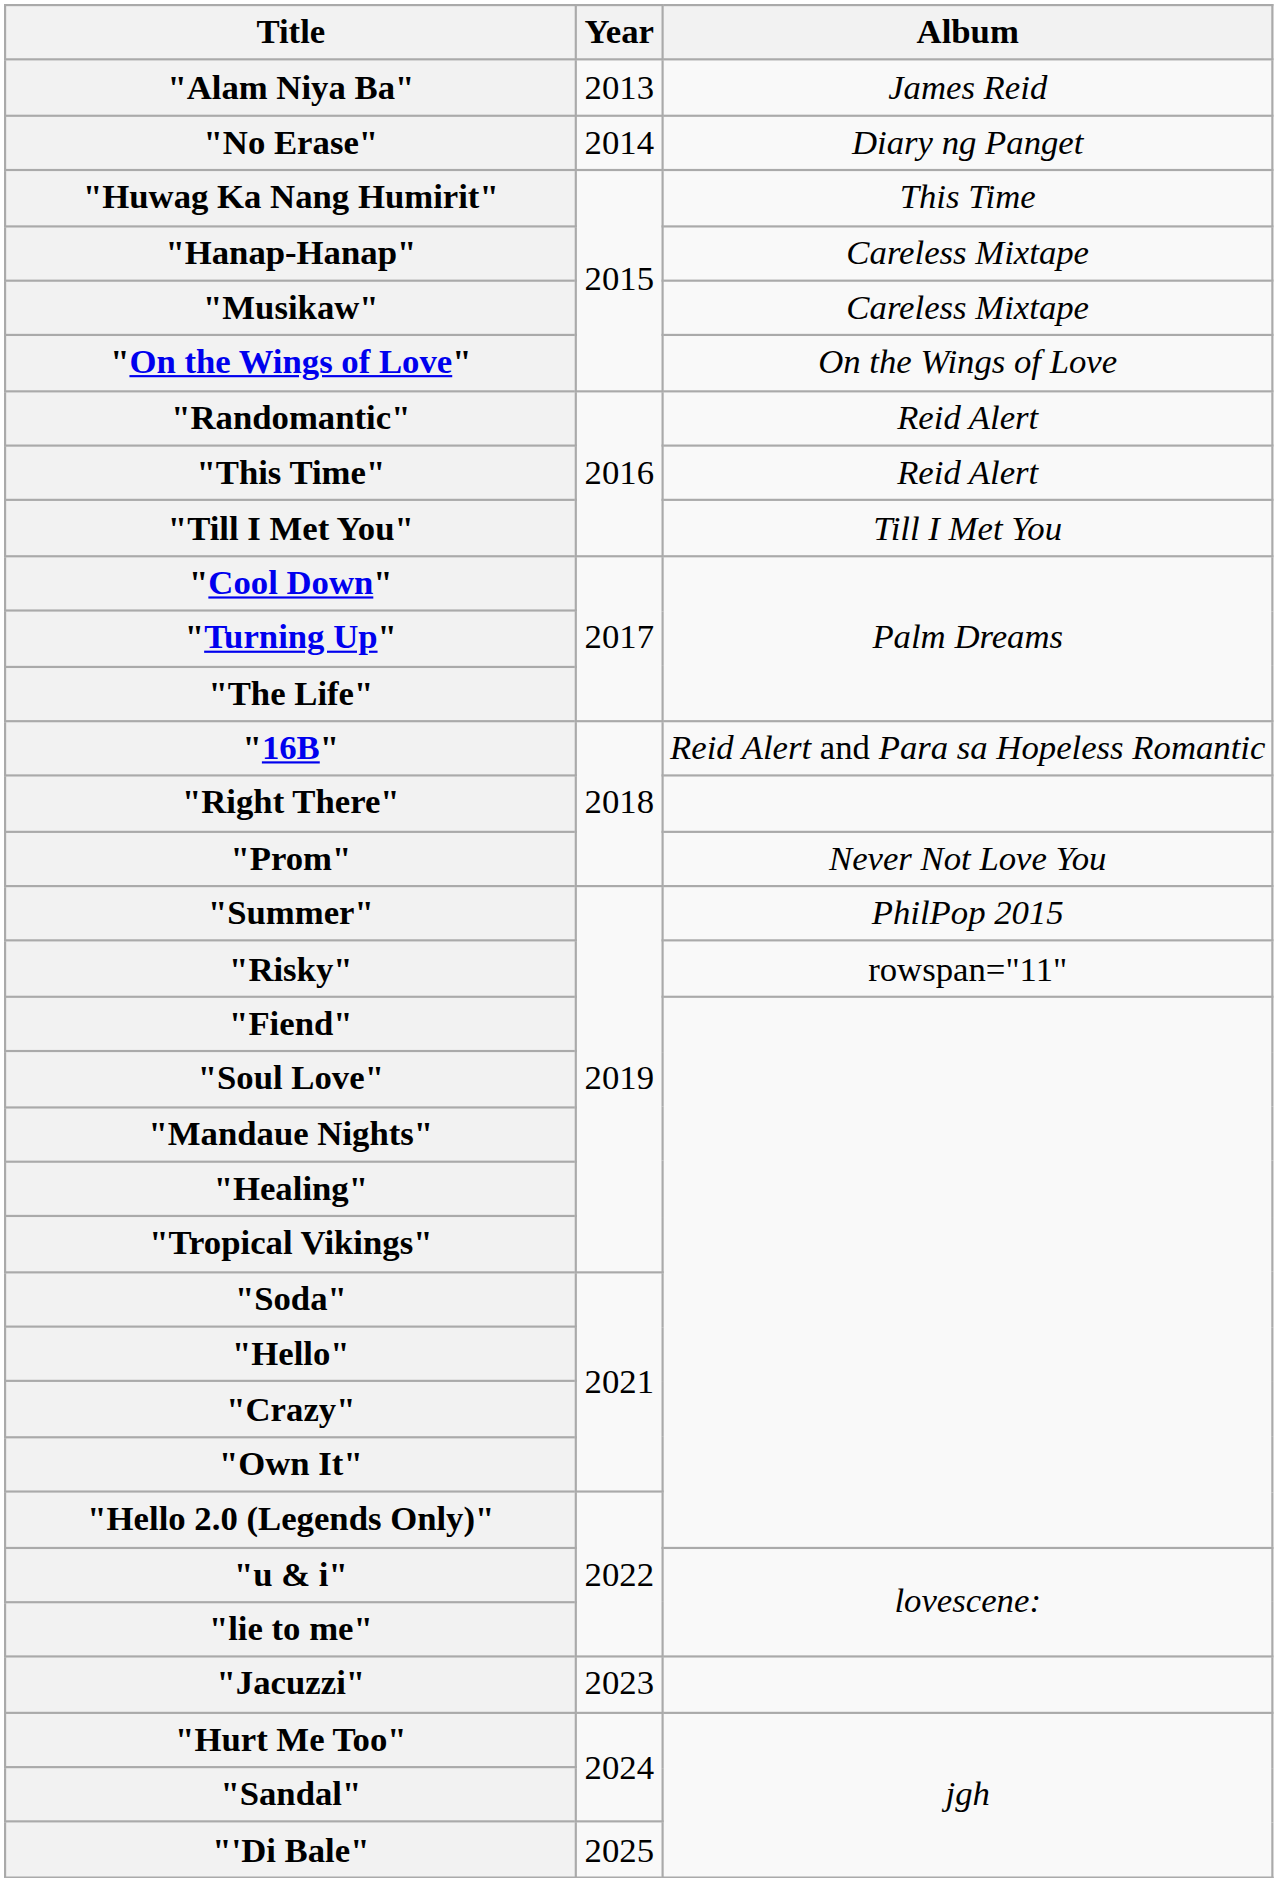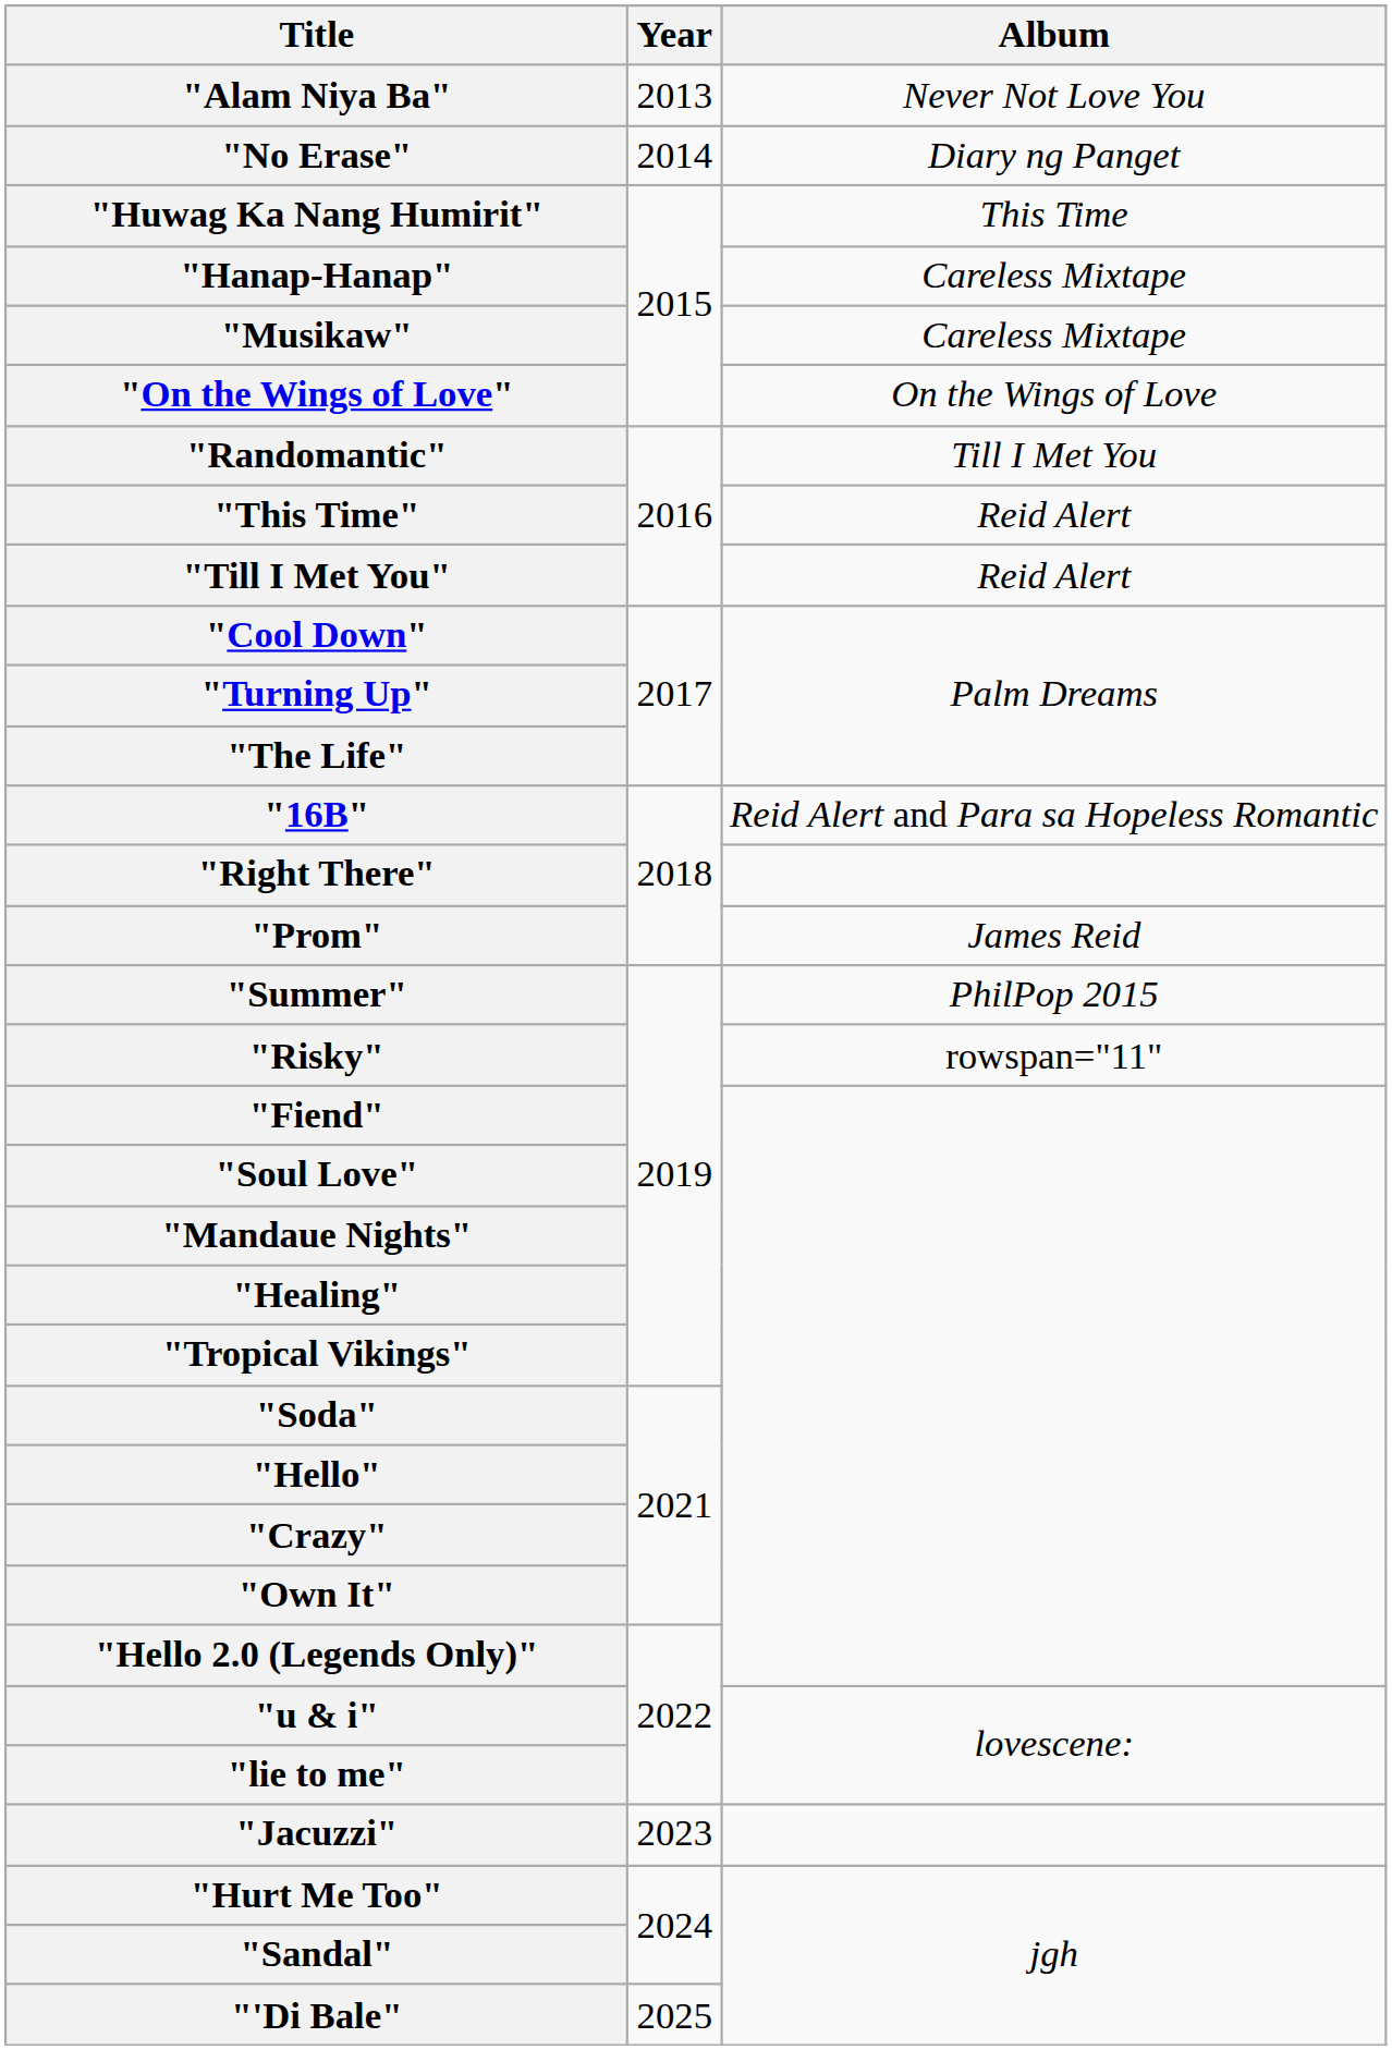 <table class="wikitable plainrowheaders" style="text-align:center;">
 <tr>
 <th scope="col" rowspan="1" style="width:16em;">Title</th>
 <th scope="col" rowspan="1">Year</th>
 <th scope="col" rowspan="1">Album</th>
 </tr>
 <tr>
 <th scope="row">"Alam Niya Ba"</th>
 <td>2013</td>
-<td><em>James Reid</em></td>
+<td><em>Never Not Love You</em></td>
 </tr>
 <tr>
 <th scope="row">"No Erase" <br> </th>
 <td>2014</td>
 <td><em>Diary ng Panget</em></td>
 </tr>
 <tr>
 <th scope="row">"Huwag Ka Nang Humirit"</th>
 <td rowspan="4">2015</td>
 <td><em>This Time</em></td>
 </tr>
 <tr>
 <th scope="row">"Hanap-Hanap" <br> </th>
 <td><em>Careless Mixtape</em></td>
 </tr>
 <tr>
 <th scope="row">"Musikaw" <br> </th>
 <td><em>Careless Mixtape</em></td>
 </tr>
 <tr>
 <th scope="row">"<a href='#'>On the Wings of Love</a>" <br> </th>
 <td><em>On the Wings of Love</em></td>
 </tr>
 <tr>
 <th scope="row">"Randomantic"</th>
 <td rowspan="3">2016</td>
-<td><em>Reid Alert</em></td>
+<td><em>Till I Met You</em></td>
 </tr>
 <tr>
 <th scope="row">"This Time" <br> </th>
 <td><em>Reid Alert</em></td>
 </tr>
 <tr>
 <th scope="row">"Till I Met You" <br> </th>
-<td><em>Till I Met You</em></td>
+<td><em>Reid Alert</em></td>
 </tr>
 <tr>
 <th scope="row">"<a href='#'>Cool Down</a>"</th>
 <td rowspan="3">2017</td>
 <td rowspan="3"><em>Palm Dreams</em></td>
 </tr>
 <tr>
 <th scope="row">"<a href='#'>Turning Up</a>"</th>
 </tr>
 <tr>
 <th scope="row">"The Life"</th>
 </tr>
 <tr>
 <th scope="row">"<a href='#'>16B</a>"</th>
 <td rowspan="3">2018</td>
 <td><em>Reid Alert</em> and <em>Para sa Hopeless Romantic</em></td>
 </tr>
 <tr>
 <th scope="row">"Right There"</th>
 <td></td>
 </tr>
 <tr>
 <th scope="row">"Prom" <br> </th>
-<td><em>Never Not Love You</em></td>
+<td><em>James Reid</em></td>
 </tr>
 <tr>
 <th scope="row">"Summer" <br> </th>
 <td rowspan="7">2019</td>
 <td><em>PhilPop 2015</em></td>
 </tr>
 <tr>
 <th scope="row">"Risky" <br></th>
 <td>rowspan="11" </td>
 </tr>
 <tr>
 <th scope="row">"Fiend" <br></th>
 </tr>
 <tr>
 <th scope="row">"Soul Love" <br></th>
 </tr>
 <tr>
 <th scope="row">"Mandaue Nights" <br> </th>
 </tr>
 <tr>
 <th scope="row">"Healing"</th>
 </tr>
 <tr>
 <th scope="row">"Tropical Vikings" <br></th>
 </tr>
 <tr>
 <th scope="row">"Soda"</th>
 <td rowspan="4">2021</td>
 </tr>
 <tr>
 <th scope="row">"Hello"</th>
 </tr>
 <tr>
 <th scope="row">"Crazy"</th>
 </tr>
 <tr>
 <th scope="row">"Own It" <br></th>
 </tr>
 <tr>
 <th scope="row">"Hello 2.0 (Legends Only)" <br> </th>
 <td rowspan="3">2022</td>
 </tr>
 <tr>
 <th scope="row">"u & i"</th>
 <td rowspan="2"><em>lovescene:</em></td>
 </tr>
 <tr>
 <th scope="row">"lie to me" <br> </th>
 </tr>
 <tr>
 <th scope="row">"Jacuzzi" <br></th>
 <td>2023</td>
 <td></td>
 </tr>
 <tr>
 <th scope="row">"Hurt Me Too"</th>
 <td rowspan="2">2024</td>
 <td rowspan="3"><em>jgh</em></td>
 </tr>
 <tr>
 <th scope="row">"Sandal"</th>
 </tr>
 <tr>
 <th scope="row">"'Di Bale"</th>
 <td>2025</td>
 </tr>
 <tr>
 </tr>
 </table>
